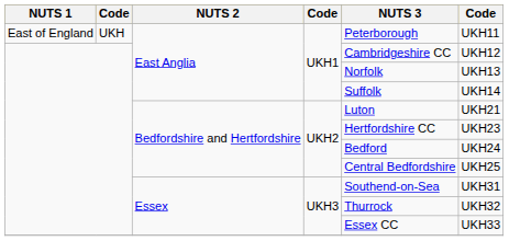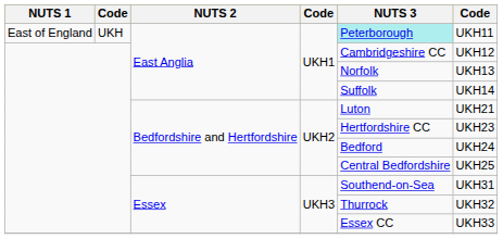 <table class="wikitable">
 <tr style="background-color:#ffd700;text-align:left;">
 <th>NUTS 1</th>
 <th>Code</th>
 <th>NUTS 2</th>
 <th>Code</th>
 <th>NUTS 3</th>
 <th>Code</th>
 </tr>
 <tr>
 <td>East of England</td>
 <td>UKH</td>
 <td rowspan=4><a href='#'>East Anglia</a></td>
 <td rowspan=4>UKH1</td>
-<td><a href='#'>Peterborough</a></td>
+<td style="background: paleturquoise;"><a href='#'>Peterborough</a></td>
 <td>UKH11</td>
 </tr>
 <tr>
 <td rowspan=10 colspan=2 align="center"></td>
 <td><a href='#'>Cambridgeshire</a> CC</td>
 <td>UKH12</td>
 </tr>
 <tr>
 <td><a href='#'>Norfolk</a></td>
 <td>UKH13</td>
 </tr>
 <tr>
 <td><a href='#'>Suffolk</a></td>
 <td>UKH14</td>
 </tr>
 <tr>
 <td rowspan=4><a href='#'>Bedfordshire</a> and <a href='#'>Hertfordshire</a></td>
 <td rowspan=4>UKH2</td>
 <td><a href='#'>Luton</a></td>
 <td>UKH21</td>
 </tr>
 <tr>
 <td><a href='#'>Hertfordshire</a> CC</td>
 <td>UKH23</td>
 </tr>
 <tr>
 <td><a href='#'>Bedford</a></td>
 <td>UKH24</td>
 </tr>
 <tr>
 <td><a href='#'>Central Bedfordshire</a></td>
 <td>UKH25</td>
 </tr>
 <tr>
 <td rowspan=3><a href='#'>Essex</a></td>
 <td rowspan=3>UKH3</td>
 <td><a href='#'>Southend-on-Sea</a></td>
 <td>UKH31</td>
 </tr>
 <tr>
 <td><a href='#'>Thurrock</a></td>
 <td>UKH32</td>
 </tr>
 <tr>
 <td><a href='#'>Essex</a> CC</td>
 <td>UKH33</td>
 </tr>
 <tr>
 </tr>
 </table>
